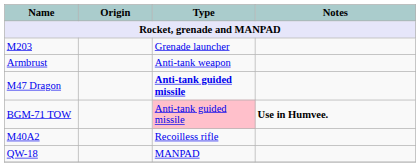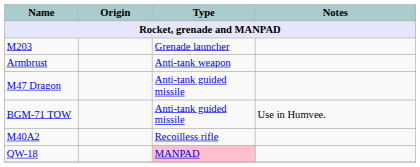 <table class="wikitable";" width="100%">
 <tr>
 <th style="text-align:center; background:#acc;"width="18%">Name</th>
 <th style="text-align: center; background:#acc;"width="18%">Origin</th>
 <th style="text-align:l center; background:#acc;"width="25%">Type</th>
 <th style="text-align: center; background:#acc;">Notes</th>
 </tr>
 <tr>
 <th style="align: center; background: lavender;" colspan="7">Rocket, grenade and MANPAD</th>
 </tr>
 <tr>
 <td><a href='#'>M203</a></td>
 <td></td>
 <td><a href='#'>Grenade launcher</a></td>
 <td></td>
 </tr>
 <tr>
 <td><a href='#'>Armbrust</a></td>
 <td></td>
 <td><a href='#'>Anti-tank weapon</a></td>
 <td></td>
 </tr>
 <tr>
 <td><a href='#'>M47 Dragon</a></td>
 <td></td>
-<td><strong><a href='#'>Anti-tank guided missile</a></strong></td>
+<td><a href='#'>Anti-tank guided missile</a></td>
 <td></td>
 </tr>
 <tr>
 <td><a href='#'>BGM-71 TOW</a></td>
 <td></td>
-<td style="background: pink;"><a href='#'>Anti-tank guided missile</a></td>
-<td><strong>Use in Humvee.</strong></td>
+<td><a href='#'>Anti-tank guided missile</a></td>
+<td>Use in Humvee.</td>
 </tr>
 <tr>
 <td><a href='#'>M40A2</a></td>
 <td></td>
 <td><a href='#'>Recoilless rifle</a></td>
 <td></td>
 </tr>
 <tr>
 <td><a href='#'>QW-18</a></td>
 <td></td>
-<td><a href='#'>MANPAD</a></td>
+<td style="background: pink;"><a href='#'>MANPAD</a></td>
 <td></td>
 </tr>
 <tr>
 </tr>
 </table>
